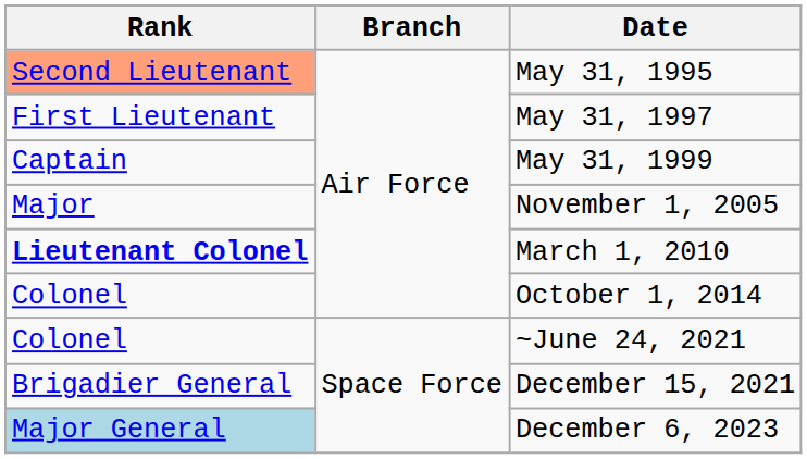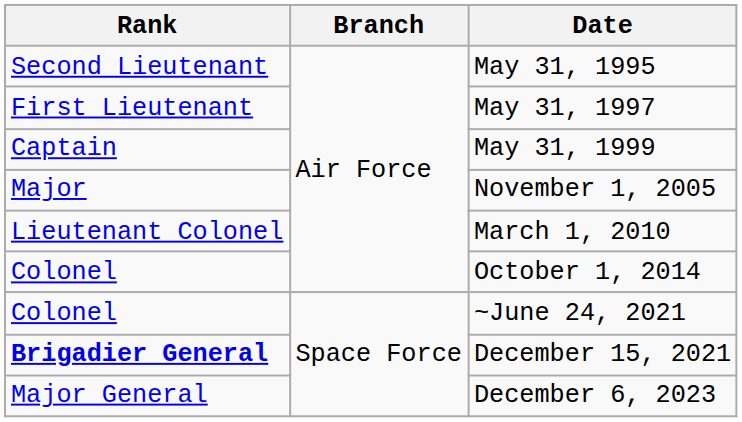 <table class="wikitable">
 <tr>
 <th>Rank</th>
 <th>Branch</th>
 <th>Date</th>
 </tr>
 <tr>
-<td style="background: lightsalmon;"> <a href='#'>Second Lieutenant</a></td>
+<td> <a href='#'>Second Lieutenant</a></td>
 <td rowspan=6>Air Force</td>
 <td>May 31, 1995</td>
 </tr>
 <tr>
 <td> <a href='#'>First Lieutenant</a></td>
 <td>May 31, 1997</td>
 </tr>
 <tr>
 <td> <a href='#'>Captain</a></td>
 <td>May 31, 1999</td>
 </tr>
 <tr>
 <td> <a href='#'>Major</a></td>
 <td>November 1, 2005</td>
 </tr>
 <tr>
-<td><strong> <a href='#'>Lieutenant Colonel</a></strong></td>
+<td> <a href='#'>Lieutenant Colonel</a></td>
 <td>March 1, 2010</td>
 </tr>
 <tr>
 <td> <a href='#'>Colonel</a></td>
 <td>October 1, 2014</td>
 </tr>
 <tr>
 <td> <a href='#'>Colonel</a></td>
 <td rowspan=3>Space Force</td>
 <td>~June 24, 2021</td>
 </tr>
 <tr>
-<td> <a href='#'>Brigadier General</a></td>
+<td><strong> <a href='#'>Brigadier General</a></strong></td>
 <td>December 15, 2021</td>
 </tr>
 <tr>
-<td style="background: lightblue;"> <a href='#'>Major General</a></td>
+<td> <a href='#'>Major General</a></td>
 <td>December 6, 2023</td>
 </tr>
 </table>
